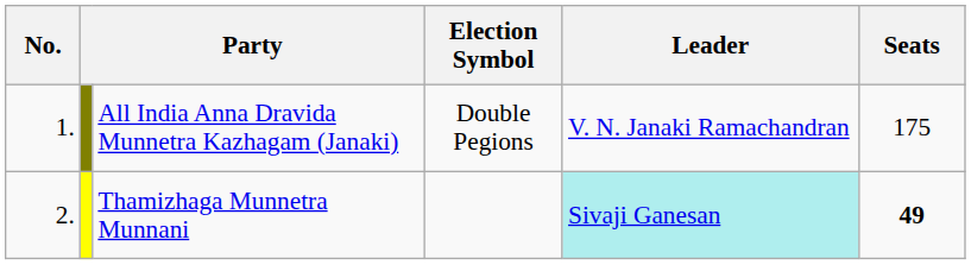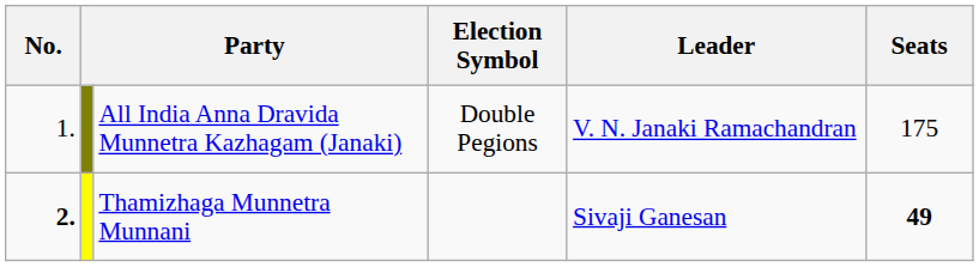 <table class="wikitable">
 <tr style="height: 50px;">
 <th scope="col" style="width:40px;">No.<br></th>
 <th scope="col" style="width:300px;"colspan="2">Party</th>
 <th scope="col" style="width:80px;">Election Symbol</th>
 <th scope="col" style="width:180px;">Leader</th>
 <th scope="col" style="width:60px;">Seats</th>
 </tr>
 <tr style="height: 55px;">
 <td style="text-align:right;">1.</td>
 <td style="background-color: olive;"></td>
 <td><a href='#'>All India Anna Dravida Munnetra Kazhagam (Janaki)</a></td>
 <td style="text-align:center;">Double Pegions</td>
 <td><a href='#'>V. N. Janaki Ramachandran</a></td>
 <td style="text-align:center;">175</td>
 </tr>
 <tr style="height: 55px;">
-<td style="text-align:right;">2.</td>
+<td style="text-align:right;"><strong>2.</strong></td>
 <td style="background-color:yellow;"></td>
 <td><a href='#'>Thamizhaga Munnetra Munnani</a></td>
 <td style="text-align:center;"><br></td>
-<td style="background: paleturquoise;"><a href='#'>Sivaji Ganesan</a></td>
+<td><a href='#'>Sivaji Ganesan</a></td>
 <td style="text-align:center;"><strong>49</strong></td>
 </tr>
 </table>
